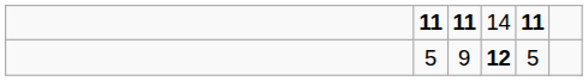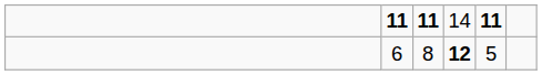 <table class="wikitable">
 <tr>
 <td style="width:18em"></td>
 <td align=center style="width:1em"><strong>11</strong></td>
 <td align=center style="width:1em"><strong>11</strong></td>
 <td align=center style="width:1em">14</td>
 <td align=center style="width:1em"><strong>11</strong></td>
 <td align=center style="width:1em"></td>
 </tr>
 <tr>
 <td style="width:18em"></td>
-<td align=center style="width:1em">5</td>
-<td align=center style="width:1em">9</td>
+<td align=center style="width:1em">6</td>
+<td align=center style="width:1em">8</td>
 <td align=center style="width:1em"><strong>12</strong></td>
 <td align=center style="width:1em">5</td>
 <td align=center style="width:1em"></td>
 </tr>
 </table>
